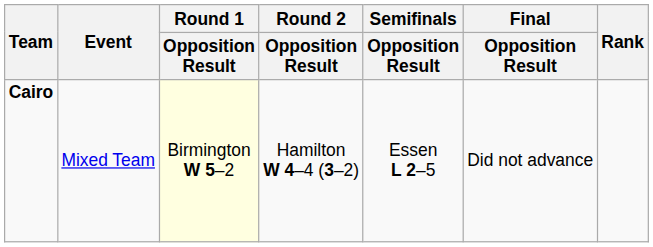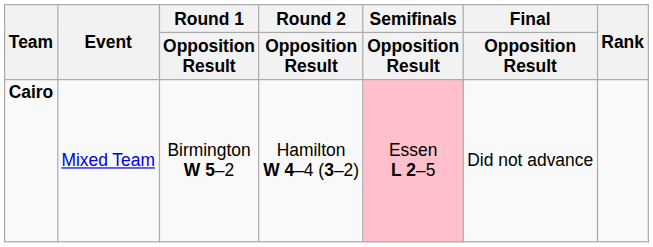 <table class="wikitable" border="1" style="font-size:90%">
 <tr>
 <th rowspan=2>Team</th>
 <th rowspan=2>Event</th>
 <th>Round 1</th>
 <th>Round 2</th>
 <th>Semifinals</th>
 <th>Final</th>
 <th rowspan=2>Rank</th>
 </tr>
 <tr>
 <th>Opposition<br>Result</th>
 <th>Opposition<br>Result</th>
 <th>Opposition<br>Result</th>
 <th>Opposition<br>Result</th>
 </tr>
 <tr>
 <td><strong>Cairo</strong><br><br><br><br><br><br><br><br></td>
 <td><a href='#'>Mixed Team</a></td>
-<td align=center style="background: lightyellow;">Birmington <br> <strong>W</strong> <strong>5</strong>–2</td>
+<td align=center>Birmington <br> <strong>W</strong> <strong>5</strong>–2</td>
 <td align=center>Hamilton <br> <strong>W</strong> <strong>4</strong>–4 (<strong>3</strong>–2)</td>
-<td align=center>Essen <br> <strong>L</strong> <strong>2</strong>–5</td>
+<td align=center style="background: pink;">Essen <br> <strong>L</strong> <strong>2</strong>–5</td>
 <td align=center>Did not advance</td>
 <td align=center></td>
 </tr>
 </table>
